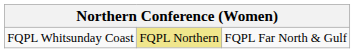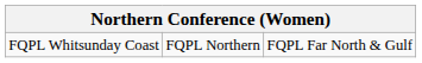 <table class="wikitable" style="text-align: center;  width="100%;">
 <tr>
 <th colspan="3"> <strong><big>Northern Conference (Women)</big></strong></th>
 </tr>
 <tr>
 <td>FQPL Whitsunday Coast</td>
-<td style="background: khaki;">FQPL Northern</td>
+<td>FQPL Northern</td>
 <td>FQPL Far North & Gulf</td>
 </tr>
 </table>
